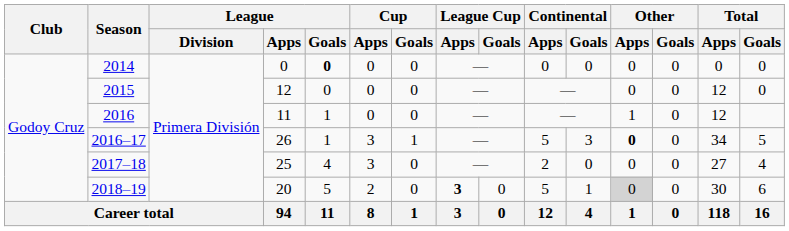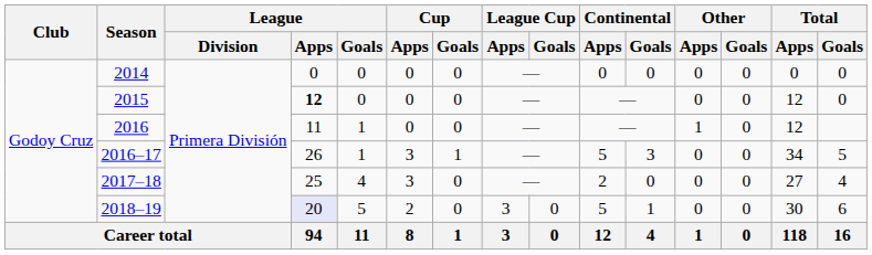 <table class="wikitable" style="text-align:center">
 <tr>
 <th rowspan="2">Club</th>
 <th rowspan="2">Season</th>
 <th colspan="3">League</th>
 <th colspan="2">Cup</th>
 <th colspan="2">League Cup</th>
 <th colspan="2">Continental</th>
 <th colspan="2">Other</th>
 <th colspan="2">Total</th>
 </tr>
 <tr>
 <th>Division</th>
 <th>Apps</th>
 <th>Goals</th>
 <th>Apps</th>
 <th>Goals</th>
 <th>Apps</th>
 <th>Goals</th>
 <th>Apps</th>
 <th>Goals</th>
 <th>Apps</th>
 <th>Goals</th>
 <th>Apps</th>
 <th>Goals</th>
 </tr>
 <tr>
 <td rowspan="6"><a href='#'>Godoy Cruz</a></td>
 <td><a href='#'>2014</a></td>
 <td rowspan="6"><a href='#'>Primera División</a></td>
 <td>0</td>
-<td><strong>0</strong></td>
+<td>0</td>
 <td>0</td>
 <td>0</td>
 <td colspan="2">—</td>
 <td>0</td>
 <td>0</td>
 <td>0</td>
 <td>0</td>
 <td>0</td>
 <td>0</td>
 </tr>
 <tr>
 <td><a href='#'>2015</a></td>
-<td>12</td>
+<td><strong>12</strong></td>
 <td>0</td>
 <td>0</td>
 <td>0</td>
 <td colspan="2">—</td>
 <td colspan="2">—</td>
 <td>0</td>
 <td>0</td>
 <td>12</td>
 <td>0</td>
 </tr>
 <tr>
 <td><a href='#'>2016</a></td>
 <td>11</td>
 <td>1</td>
 <td>0</td>
 <td>0</td>
 <td colspan="2">—</td>
 <td colspan="2">—</td>
 <td>1</td>
 <td>0</td>
 <td>12</td>
 <td 1></td>
 </tr>
 <tr>
 <td><a href='#'>2016–17</a></td>
 <td>26</td>
 <td>1</td>
 <td>3</td>
 <td>1</td>
 <td colspan="2">—</td>
 <td>5</td>
 <td>3</td>
-<td><strong>0</strong></td>
+<td>0</td>
 <td>0</td>
 <td>34</td>
 <td>5</td>
 </tr>
 <tr>
 <td><a href='#'>2017–18</a></td>
 <td>25</td>
 <td>4</td>
 <td>3</td>
 <td>0</td>
 <td colspan="2">—</td>
 <td>2</td>
 <td>0</td>
 <td>0</td>
 <td>0</td>
 <td>27</td>
 <td>4</td>
 </tr>
 <tr>
 <td><a href='#'>2018–19</a></td>
-<td>20</td>
+<td style="background: lavender;">20</td>
 <td>5</td>
 <td>2</td>
 <td>0</td>
-<td><strong>3</strong></td>
+<td>3</td>
 <td>0</td>
 <td>5</td>
 <td>1</td>
-<td style="background: lightgrey;">0</td>
+<td>0</td>
 <td>0</td>
 <td>30</td>
 <td>6</td>
 </tr>
 <tr>
 <th colspan="3">Career total</th>
 <th>94</th>
 <th>11</th>
 <th>8</th>
 <th>1</th>
 <th>3</th>
 <th>0</th>
 <th>12</th>
 <th>4</th>
 <th>1</th>
 <th>0</th>
 <th>118</th>
 <th>16</th>
 </tr>
 </table>
